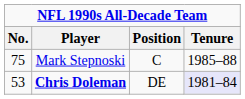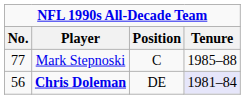 <table class="wikitable" style="text-align:center">
 <tr>
 <td colspan="4"><strong><a href='#'><span>NFL 1990s All-Decade Team</span></a></strong></td>
 </tr>
 <tr>
 <th>No.</th>
 <th>Player</th>
 <th>Position</th>
 <th>Tenure</th>
 </tr>
 <tr>
-<td>75</td>
+<td>77</td>
 <td><a href='#'>Mark Stepnoski</a></td>
 <td>C</td>
 <td>1985–88</td>
 </tr>
 <tr>
-<td>53</td>
+<td>56</td>
 <td><strong><a href='#'>Chris Doleman</a></strong></td>
 <td>DE</td>
 <td style="background: lavender;">1981–84</td>
 </tr>
 </table>
